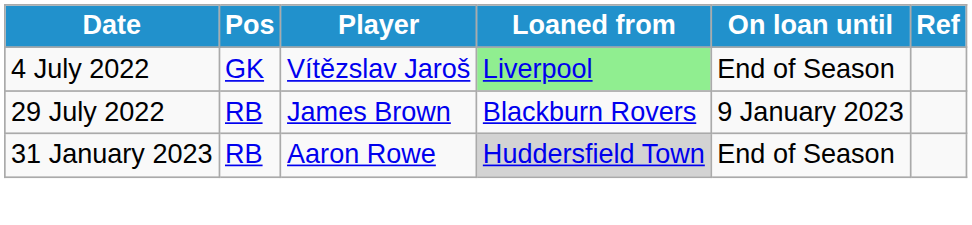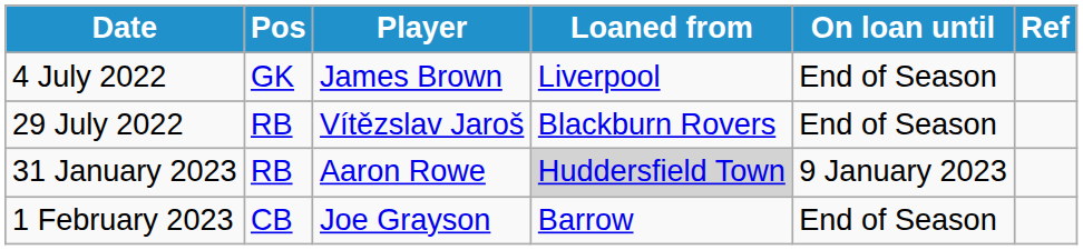 <table class="wikitable plainrowheaders sortable">
 <tr>
 <th style="background:#2191CC; color:#ffffff; ">Date</th>
 <th style="background:#2191CC; color:#ffffff; ">Pos</th>
 <th style="background:#2191CC; color:#ffffff; ">Player</th>
 <th style="background:#2191CC; color:#ffffff; ">Loaned from</th>
 <th style="background:#2191CC; color:#ffffff; ">On loan until</th>
 <th style="background:#2191CC; color:#ffffff; ">Ref</th>
 </tr>
 <tr>
 <td>4 July 2022</td>
 <td><a href='#'>GK</a></td>
-<td> <a href='#'>Vítězslav Jaroš</a></td>
-<td style="background: lightgreen;"> <a href='#'>Liverpool</a></td>
+<td> <a href='#'>James Brown</a></td>
+<td> <a href='#'>Liverpool</a></td>
 <td>End of Season</td>
 <td></td>
 </tr>
 <tr>
 <td>29 July 2022</td>
 <td><a href='#'>RB</a></td>
-<td> <a href='#'>James Brown</a></td>
+<td> <a href='#'>Vítězslav Jaroš</a></td>
 <td> <a href='#'>Blackburn Rovers</a></td>
-<td>9 January 2023</td>
+<td>End of Season</td>
 <td></td>
 </tr>
 <tr>
 <td>31 January 2023</td>
 <td><a href='#'>RB</a></td>
 <td> <a href='#'>Aaron Rowe</a></td>
 <td style="background: lightgrey;"> <a href='#'>Huddersfield Town</a></td>
+<td>9 January 2023</td>
+<td></td>
+</tr>
+<tr>
+<td>1 February 2023</td>
+<td><a href='#'>CB</a></td>
+<td> <a href='#'>Joe Grayson</a></td>
+<td> <a href='#'>Barrow</a></td>
 <td>End of Season</td>
 <td></td>
 </tr>
 </table>
